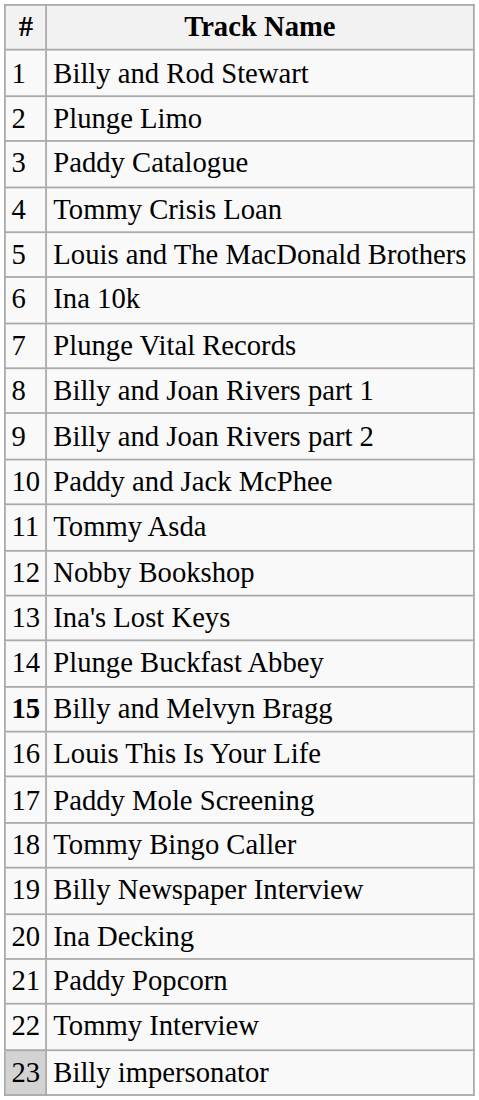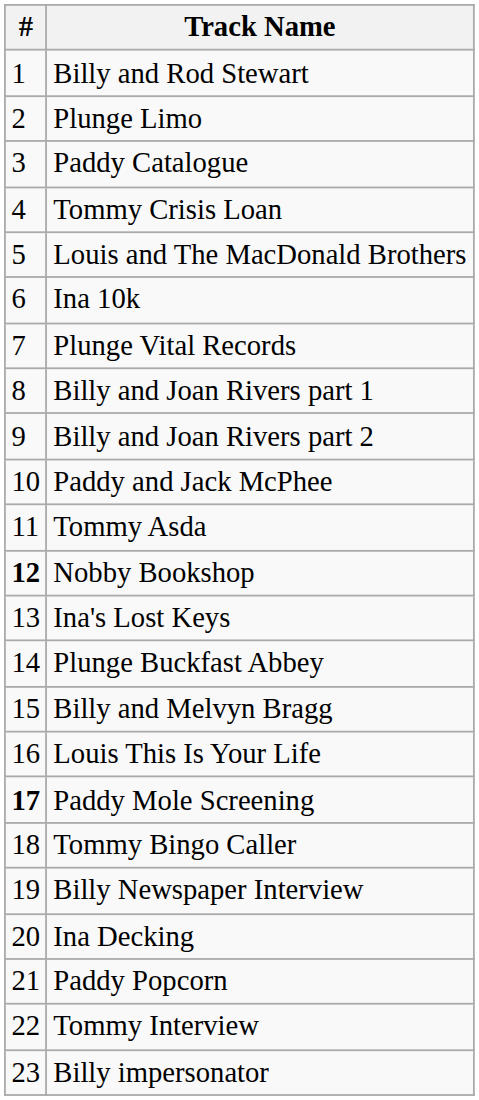 <table class="wikitable">
 <tr>
 <th>#</th>
 <th>Track Name</th>
 </tr>
 <tr>
 <td>1</td>
 <td>Billy and Rod Stewart</td>
 </tr>
 <tr>
 <td>2</td>
 <td>Plunge Limo</td>
 </tr>
 <tr>
 <td>3</td>
 <td>Paddy Catalogue</td>
 </tr>
 <tr>
 <td>4</td>
 <td>Tommy Crisis Loan</td>
 </tr>
 <tr>
 <td>5</td>
 <td>Louis and The MacDonald Brothers</td>
 </tr>
 <tr>
 <td>6</td>
 <td>Ina 10k</td>
 </tr>
 <tr>
 <td>7</td>
 <td>Plunge Vital Records</td>
 </tr>
 <tr>
 <td>8</td>
 <td>Billy and Joan Rivers part 1</td>
 </tr>
 <tr>
 <td>9</td>
 <td>Billy and Joan Rivers part 2</td>
 </tr>
 <tr>
 <td>10</td>
 <td>Paddy and Jack McPhee</td>
 </tr>
 <tr>
 <td>11</td>
 <td>Tommy Asda</td>
 </tr>
 <tr>
-<td>12</td>
+<td><strong>12</strong></td>
 <td>Nobby Bookshop</td>
 </tr>
 <tr>
 <td>13</td>
 <td>Ina's Lost Keys</td>
 </tr>
 <tr>
 <td>14</td>
 <td>Plunge Buckfast Abbey</td>
 </tr>
 <tr>
-<td><strong>15</strong></td>
+<td>15</td>
 <td>Billy and Melvyn Bragg</td>
 </tr>
 <tr>
 <td>16</td>
 <td>Louis This Is Your Life</td>
 </tr>
 <tr>
-<td>17</td>
+<td><strong>17</strong></td>
 <td>Paddy Mole Screening</td>
 </tr>
 <tr>
 <td>18</td>
 <td>Tommy Bingo Caller</td>
 </tr>
 <tr>
 <td>19</td>
 <td>Billy Newspaper Interview</td>
 </tr>
 <tr>
 <td>20</td>
 <td>Ina Decking</td>
 </tr>
 <tr>
 <td>21</td>
 <td>Paddy Popcorn</td>
 </tr>
 <tr>
 <td>22</td>
 <td>Tommy Interview</td>
 </tr>
 <tr>
-<td style="background: lightgrey;">23</td>
+<td>23</td>
 <td>Billy impersonator</td>
 </tr>
 </table>
